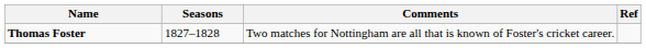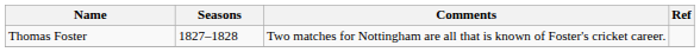 <table class="wikitable">
 <tr>
 <th style="width:200px">Name</th>
 <th style="width: 100px">Seasons</th>
 <th>Comments</th>
 <th>Ref</th>
 </tr>
 <tr>
-<td><strong>Thomas Foster</strong></td>
+<td>Thomas Foster</td>
 <td>1827–1828</td>
 <td>Two matches for Nottingham are all that is known of Foster's cricket career.</td>
 <td></td>
 </tr>
 <tr>
 </tr>
 </table>
